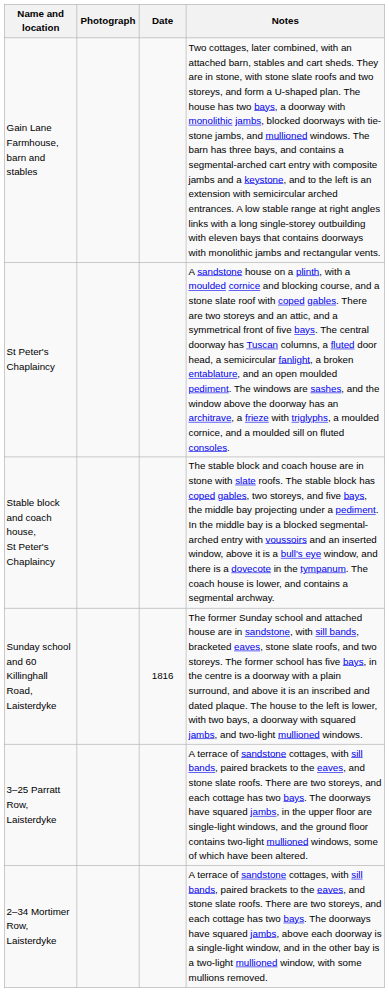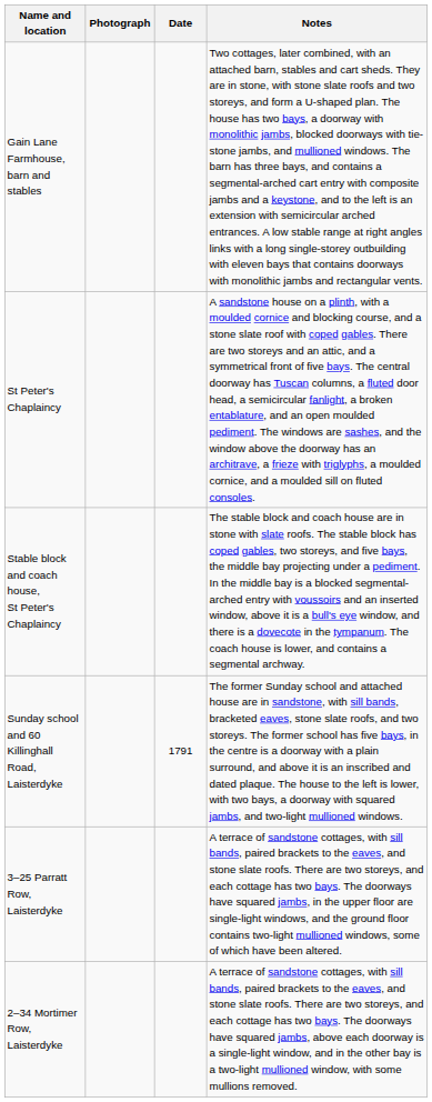 <table class="wikitable sortable plainrowheaders" style="width:100%;border:0px;text-align:left;line-height:150%;">
 <tr>
 <th scope="col"  style="width:150px">Name and location</th>
 <th scope="col"  style="width:100px" class="unsortable">Photograph</th>
 <th scope="col"  style="width:120px">Date</th>
 <th scope="col"  style="width:650px" class="unsortable">Notes</th>
 </tr>
 <tr>
 <td>Gain Lane Farmhouse, barn and stables<br><small></small></td>
 <td></td>
 <td align="center"></td>
 <td>Two cottages, later combined, with an attached barn, stables and cart sheds.  They are in stone, with stone slate roofs and two storeys, and form a U-shaped plan.  The house has two <a href='#'>bays</a>, a doorway with <a href='#'>monolithic</a> <a href='#'>jambs</a>, blocked doorways with tie-stone jambs, and <a href='#'>mullioned</a> windows.  The barn has three bays, and contains a segmental-arched cart entry with composite jambs and a <a href='#'>keystone</a>, and to the left is an extension with semicircular arched entrances.  A low stable range at right angles links with a long single-storey outbuilding with eleven bays that contains doorways with monolithic jambs and rectangular vents.</td>
 </tr>
 <tr>
 <td>St Peter's Chaplaincy<br><small></small></td>
 <td></td>
 <td align="center"></td>
 <td>A <a href='#'>sandstone</a> house on a <a href='#'>plinth</a>, with a <a href='#'>moulded</a> <a href='#'>cornice</a> and blocking course, and a stone slate roof with <a href='#'>coped</a> <a href='#'>gables</a>.  There are two storeys and an attic, and a symmetrical front of five <a href='#'>bays</a>.  The central doorway has <a href='#'>Tuscan</a> columns, a <a href='#'>fluted</a> door head, a semicircular <a href='#'>fanlight</a>, a broken <a href='#'>entablature</a>, and an open moulded <a href='#'>pediment</a>.  The windows are <a href='#'>sashes</a>, and the window above the doorway has an <a href='#'>architrave</a>, a <a href='#'>frieze</a> with <a href='#'>triglyphs</a>, a moulded cornice, and a moulded sill on fluted <a href='#'>consoles</a>.</td>
 </tr>
 <tr>
 <td>Stable block and coach house,<br>St Peter's Chaplaincy<br><small></small></td>
 <td></td>
 <td align="center"></td>
 <td>The stable block and coach house are in stone with <a href='#'>slate</a> roofs.  The stable block has <a href='#'>coped</a> <a href='#'>gables</a>, two storeys, and five <a href='#'>bays</a>, the middle bay projecting under a <a href='#'>pediment</a>.  In the middle bay is a blocked segmental-arched entry with <a href='#'>voussoirs</a> and an inserted window, above it is a <a href='#'>bull's eye</a> window, and there is a <a href='#'>dovecote</a> in the <a href='#'>tympanum</a>.  The coach house is lower, and contains a segmental archway.</td>
 </tr>
 <tr>
 <td>Sunday school and 60 Killinghall Road, Laisterdyke<br><small></small></td>
 <td></td>
-<td align="center">1816</td>
+<td align="center">1791</td>
 <td>The former Sunday school and attached house are in <a href='#'>sandstone</a>, with <a href='#'>sill bands</a>, bracketed <a href='#'>eaves</a>, stone slate roofs, and two storeys.  The former school has five <a href='#'>bays</a>, in the centre is a doorway with a plain surround, and above it is an inscribed and dated plaque.  The house to the left is lower, with two bays, a doorway with squared <a href='#'>jambs</a>, and two-light <a href='#'>mullioned</a> windows.</td>
 </tr>
 <tr>
 <td>3–25 Parratt Row, Laisterdyke<br><small></small></td>
 <td></td>
 <td align="center"></td>
 <td>A terrace of <a href='#'>sandstone</a> cottages, with <a href='#'>sill bands</a>, paired brackets to the <a href='#'>eaves</a>, and stone slate roofs.  There are two storeys, and each cottage has two <a href='#'>bays</a>.  The doorways have squared <a href='#'>jambs</a>,  in the upper floor are single-light windows, and the ground floor contains two-light <a href='#'>mullioned</a> windows, some of which have been altered.</td>
 </tr>
 <tr>
 <td>2–34 Mortimer Row, Laisterdyke<br><small></small></td>
 <td></td>
 <td align="center"></td>
 <td>A terrace of <a href='#'>sandstone</a> cottages, with <a href='#'>sill bands</a>, paired brackets to the <a href='#'>eaves</a>, and stone slate roofs.  There are two storeys, and each cottage has two <a href='#'>bays</a>.  The doorways have squared <a href='#'>jambs</a>, above each doorway is a single-light window, and in the other bay is a two-light <a href='#'>mullioned</a> window, with some mullions removed.</td>
 </tr>
 <tr>
 </tr>
 </table>
